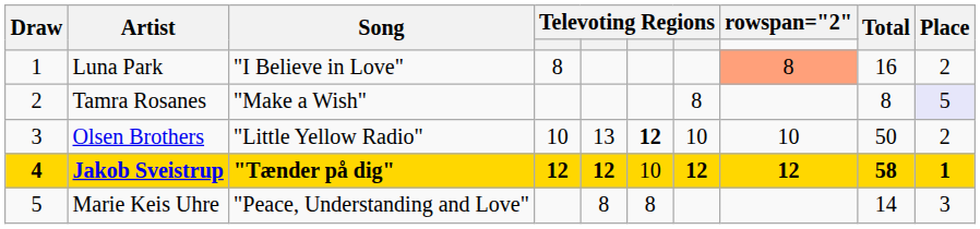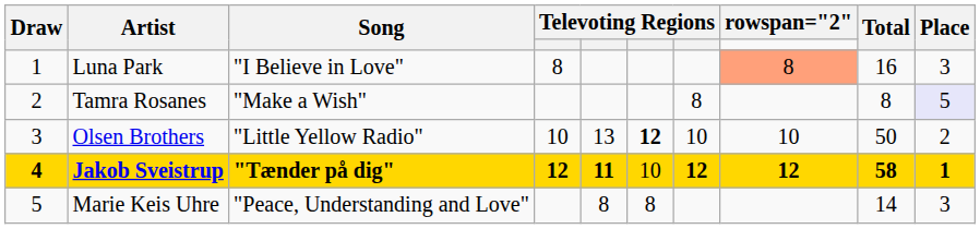 <table class="sortable wikitable" style="margin: 1em auto 1em auto; text-align:center">
 <tr>
 <th rowspan="2">Draw</th>
 <th rowspan="2">Artist</th>
 <th rowspan="2">Song</th>
 <th colspan="4">Televoting Regions</th>
 <th>rowspan="2" </th>
 <th rowspan="2">Total</th>
 <th rowspan="2">Place</th>
 </tr>
 <tr>
 <th></th>
 <th></th>
 <th></th>
 <th></th>
 </tr>
 <tr>
 <td>1</td>
 <td align="left">Luna Park</td>
 <td align="left">"I Believe in Love"</td>
 <td>8</td>
 <td></td>
 <td></td>
 <td></td>
 <td style="background: lightsalmon;">8</td>
 <td>16</td>
-<td>2</td>
+<td>3</td>
 </tr>
 <tr>
 <td>2</td>
 <td align="left">Tamra Rosanes</td>
 <td align="left">"Make a Wish"</td>
 <td></td>
 <td></td>
 <td></td>
 <td>8</td>
 <td></td>
 <td>8</td>
 <td style="background: lavender;">5</td>
 </tr>
 <tr>
 <td>3</td>
 <td align="left"><a href='#'>Olsen Brothers</a></td>
 <td align="left">"Little Yellow Radio"</td>
 <td>10</td>
 <td>13</td>
 <td><strong>12</strong></td>
 <td>10</td>
 <td>10</td>
 <td>50</td>
 <td>2</td>
 </tr>
 <tr bgcolor="gold">
 <td><strong>4</strong></td>
 <td align="left"><strong><a href='#'>Jakob Sveistrup</a></strong></td>
 <td align="left"><strong>"Tænder på dig"</strong></td>
 <td><strong>12</strong></td>
-<td><strong>12</strong></td>
+<td><strong>11</strong></td>
 <td>10</td>
 <td><strong>12</strong></td>
 <td><strong>12</strong></td>
 <td><strong>58</strong></td>
 <td><strong>1</strong></td>
 </tr>
 <tr>
 <td>5</td>
 <td align="left">Marie Keis Uhre</td>
 <td align="left">"Peace, Understanding and Love"</td>
 <td></td>
 <td>8</td>
 <td>8</td>
 <td></td>
 <td></td>
 <td>14</td>
 <td>3</td>
 </tr>
 </table>
